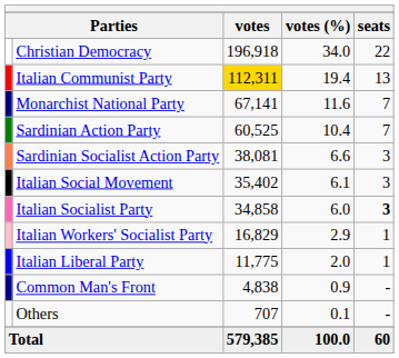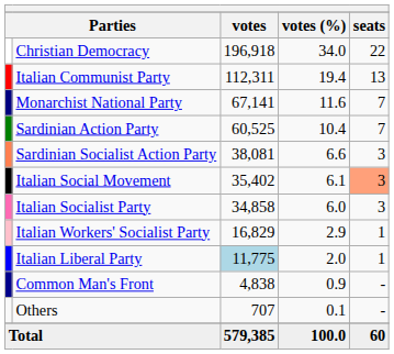 <table class="wikitable" style="font-size:95%">
 <tr>
 <th colspan=5></th>
 </tr>
 <tr>
 </tr>
 <tr bgcolor="EFEFEF">
 <th colspan=2>Parties</th>
 <th>votes</th>
 <th>votes (%)</th>
 <th>seats</th>
 </tr>
 <tr>
 <td bgcolor=White></td>
 <td><a href='#'>Christian Democracy</a></td>
 <td align=right>196,918</td>
 <td align=right>34.0</td>
 <td align=right>22</td>
 </tr>
 <tr>
 <td bgcolor=Red></td>
 <td><a href='#'>Italian Communist Party</a></td>
-<td align=right style="background: gold;">112,311</td>
+<td align=right>112,311</td>
 <td align=right>19.4</td>
 <td align=right>13</td>
 </tr>
 <tr>
 <td bgcolor=Navy></td>
 <td><a href='#'>Monarchist National Party</a></td>
 <td align=right>67,141</td>
 <td align=right>11.6</td>
 <td align=right>7</td>
 </tr>
 <tr>
 <td bgcolor=Green></td>
 <td><a href='#'>Sardinian Action Party</a></td>
 <td align=right>60,525</td>
 <td align=right>10.4</td>
 <td align=right>7</td>
 </tr>
 <tr>
 <td bgcolor=Coral></td>
 <td><a href='#'>Sardinian Socialist Action Party</a></td>
 <td align=right>38,081</td>
 <td align=right>6.6</td>
 <td align=right>3</td>
 </tr>
 <tr>
 <td bgcolor=Black></td>
 <td><a href='#'>Italian Social Movement</a></td>
 <td align=right>35,402</td>
 <td align=right>6.1</td>
-<td align=right>3</td>
+<td align=right style="background: lightsalmon;">3</td>
 </tr>
 <tr>
 <td bgcolor=Hotpink></td>
 <td><a href='#'>Italian Socialist Party</a></td>
 <td align=right>34,858</td>
 <td align=right>6.0</td>
-<td align=right><strong>3</strong></td>
+<td align=right>3</td>
 </tr>
 <tr>
 <td bgcolor=Pink></td>
 <td><a href='#'>Italian Workers' Socialist Party</a></td>
 <td align=right>16,829</td>
 <td align=right>2.9</td>
 <td align=right>1</td>
 </tr>
 <tr>
 <td bgcolor=Blue></td>
 <td><a href='#'>Italian Liberal Party</a></td>
-<td align=right>11,775</td>
+<td align=right style="background: lightblue;">11,775</td>
 <td align=right>2.0</td>
 <td align=right>1</td>
 </tr>
 <tr>
 <td bgcolor=#00008B></td>
 <td><a href='#'>Common Man's Front</a></td>
 <td align=right>4,838</td>
 <td align=right>0.9</td>
 <td align=right>-</td>
 </tr>
 <tr>
 <td bgcolor=></td>
 <td>Others</td>
 <td align=right>707</td>
 <td align=right>0.1</td>
 <td align=right>-</td>
 </tr>
 <tr>
 </tr>
 <tr bgcolor="EFEFEF">
 <td colspan=2><strong>Total</strong></td>
 <td align=right><strong>579,385</strong></td>
 <td align=right><strong>100.0</strong></td>
 <td align=right><strong>60</strong></td>
 </tr>
 </table>
